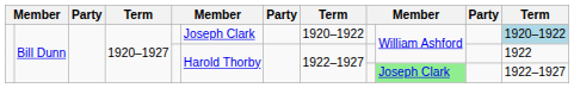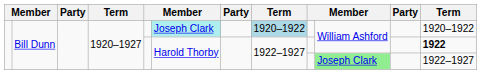 <table class="wikitable">
 <tr>
 <th colspan="2">Member</th>
 <th>Party</th>
 <th>Term</th>
 <th colspan="2">Member</th>
 <th>Party</th>
 <th>Term</th>
 <th colspan="2">Member</th>
 <th>Party</th>
 <th>Term</th>
 </tr>
 <tr>
 <td rowspan="3" > </td>
 <td rowspan="3"><a href='#'>Bill Dunn</a></td>
 <td rowspan="3"></td>
 <td rowspan="3">1920–1927</td>
 <td> </td>
-<td><a href='#'>Joseph Clark</a></td>
+<td style="background: paleturquoise;"><a href='#'>Joseph Clark</a></td>
 <td></td>
-<td>1920–1922</td>
+<td style="background: lightblue;">1920–1922</td>
 <td> </td>
 <td rowspan="2"><a href='#'>William Ashford</a></td>
 <td></td>
-<td style="background: lightblue;">1920–1922</td>
+<td>1920–1922</td>
 </tr>
 <tr>
 <td rowspan="2" > </td>
 <td rowspan="2"><a href='#'>Harold Thorby</a></td>
 <td rowspan="2"></td>
 <td rowspan="2">1922–1927</td>
 <td> </td>
 <td></td>
-<td>1922</td>
+<td><strong>1922</strong></td>
 </tr>
 <tr>
 <td> </td>
 <td style="background: lightgreen;"><a href='#'>Joseph Clark</a></td>
 <td></td>
 <td>1922–1927</td>
 </tr>
 </table>
